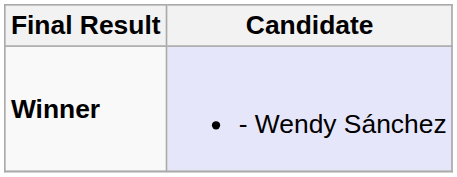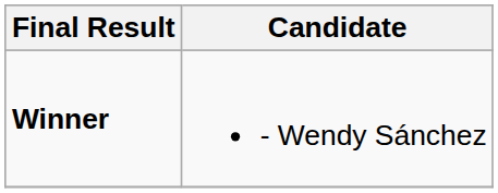 <table class="wikitable">
 <tr>
 <th>Final Result</th>
 <th>Candidate</th>
 </tr>
 <tr>
 <td><strong>Winner</strong></td>
-<td style="background: lavender;"><br><ul><li><strong></strong> - Wendy Sánchez</li></ul></td>
+<td><br><ul><li><strong></strong> - Wendy Sánchez</li></ul></td>
 </tr>
 <tr>
 </tr>
 </table>
